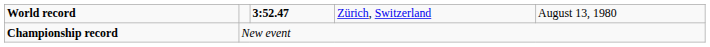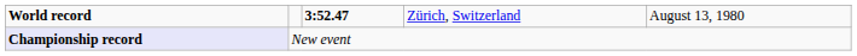 <table class="wikitable" width=75%>
 <tr>
 <td><strong>World record</strong></td>
 <td></td>
 <td><strong>3:52.47</strong></td>
 <td><a href='#'>Zürich</a>, <a href='#'>Switzerland</a></td>
 <td>August 13, 1980</td>
 </tr>
 <tr>
-<td><strong>Championship record</strong></td>
+<td style="background: lavender;"><strong>Championship record</strong></td>
 <td colspan="4"><em>New event</em></td>
 </tr>
 </table>
